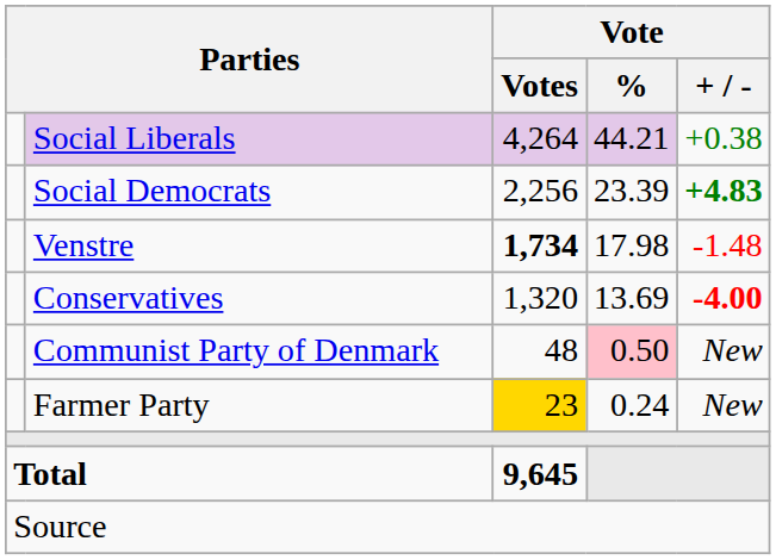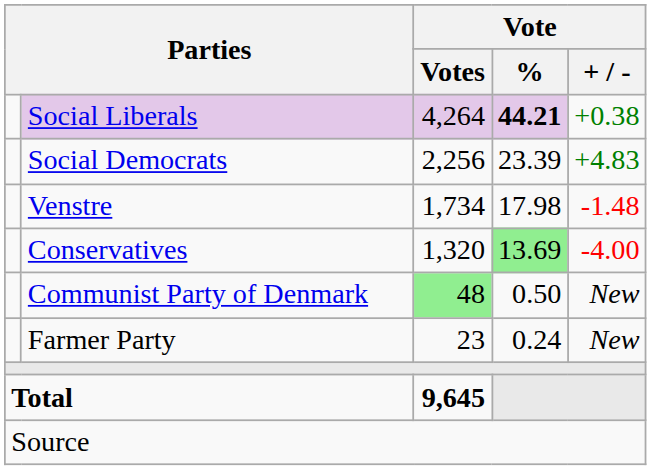 <table class="wikitable" style="text-align:right;">
 <tr>
 <th style="text-align:centre;" rowspan="2" colspan="2" width="225">Parties</th>
 <th colspan="3">Vote</th>
 </tr>
 <tr>
 <th width="15">Votes</th>
 <th width="15">%</th>
 <th width="15">+ / -</th>
 </tr>
 <tr>
 <td width="2" style="color:inherit;background:"></td>
 <td bgcolor=#e3c8e9  align="left"><a href='#'>Social Liberals</a></td>
 <td bgcolor=#e3c8e9>4,264</td>
-<td bgcolor=#e3c8e9>44.21</td>
+<td bgcolor=#e3c8e9><strong>44.21</strong></td>
 <td style=color:green;>+0.38</td>
 </tr>
 <tr>
 <td width="2" style="color:inherit;background:"></td>
 <td align="left"><a href='#'>Social Democrats</a></td>
 <td>2,256</td>
 <td>23.39</td>
-<td style=color:green;><strong>+4.83</strong></td>
+<td style=color:green;>+4.83</td>
 </tr>
 <tr>
 <td width="2" style="color:inherit;background:"></td>
 <td align="left"><a href='#'>Venstre</a></td>
-<td><strong>1,734</strong></td>
+<td>1,734</td>
 <td>17.98</td>
 <td style=color:red;>-1.48</td>
 </tr>
 <tr>
 <td width="2" style="color:inherit;background:"></td>
 <td align="left"><a href='#'>Conservatives</a></td>
 <td>1,320</td>
-<td>13.69</td>
-<td style=color:red;><strong>-4.00</strong></td>
+<td style="background: lightgreen;">13.69</td>
+<td style=color:red;>-4.00</td>
 </tr>
 <tr>
 <td width="2" style="color:inherit;background:"></td>
 <td align="left"><a href='#'>Communist Party of Denmark</a></td>
-<td>48</td>
-<td style="background: pink;">0.50</td>
+<td style="background: lightgreen;">48</td>
+<td>0.50</td>
 <td><em>New</em></td>
 </tr>
 <tr>
 <td width="2" style="color:inherit;background:"></td>
 <td align="left">Farmer Party</td>
-<td style="background: gold;">23</td>
+<td>23</td>
 <td>0.24</td>
 <td><em>New</em></td>
 </tr>
 <tr>
 <td colspan="7" bgcolor="#E9E9E9"></td>
 </tr>
 <tr>
 <td align="left" colspan="2"><strong>Total</strong></td>
 <td><strong>9,645</strong></td>
 <td bgcolor="#E9E9E9" colspan="2"></td>
 </tr>
 <tr>
 <td align="left" colspan="6">Source</td>
 </tr>
 </table>
